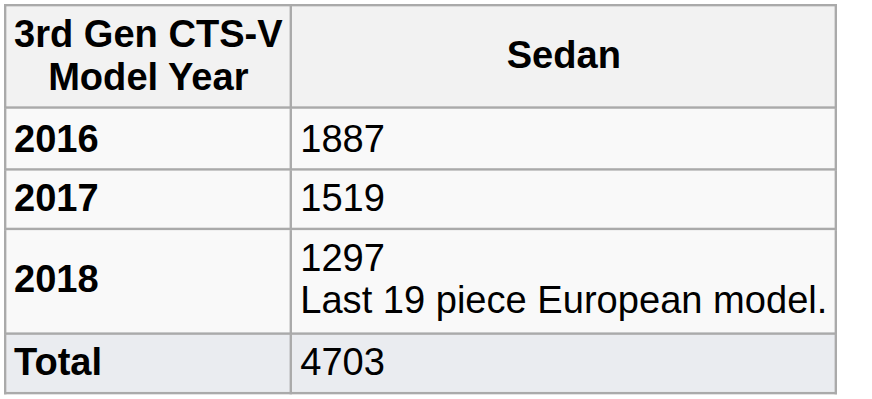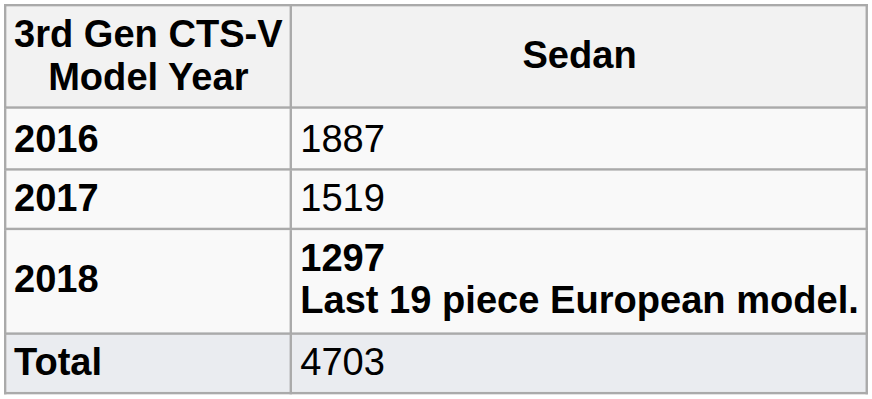 <table class="wikitable">
 <tr>
 <th>3rd Gen CTS-V<br>Model Year</th>
 <th>Sedan</th>
 </tr>
 <tr>
 <td><strong>2016</strong></td>
 <td>1887</td>
 </tr>
 <tr>
 <td><strong>2017</strong></td>
 <td>1519</td>
 </tr>
 <tr>
 <td><strong>2018</strong></td>
-<td>1297<br>Last 19 piece European model.</td>
+<td><strong>1297<br>Last 19 piece European model.</strong></td>
 </tr>
 <tr style="background-color:#eaecf0">
 <td><strong>Total</strong></td>
 <td>4703</td>
 </tr>
 </table>
